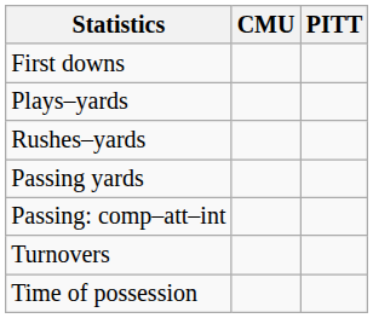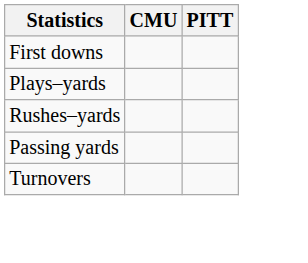 <table class="wikitable" style="float:left">
 <tr>
 <th>Statistics</th>
 <th>CMU</th>
 <th>PITT</th>
 </tr>
 <tr>
 <td>First downs</td>
 <td></td>
 <td></td>
 </tr>
 <tr>
 <td>Plays–yards</td>
 <td></td>
 <td></td>
 </tr>
 <tr>
 <td>Rushes–yards</td>
 <td></td>
 <td></td>
 </tr>
 <tr>
 <td>Passing yards</td>
 <td></td>
 <td></td>
 </tr>
 <tr>
-<td>Passing: comp–att–int</td>
-<td></td>
-<td></td>
-</tr>
-<tr>
 <td>Turnovers</td>
 <td></td>
 <td></td>
 </tr>
-<tr>
-<td>Time of possession</td>
-<td></td>
-<td></td>
-</tr>
 </table>
